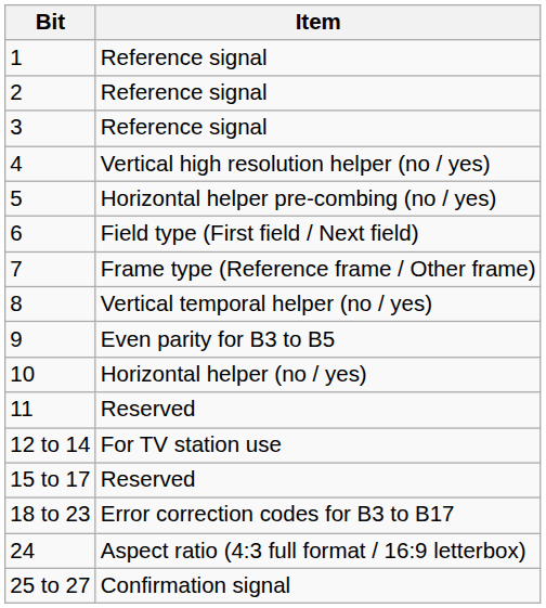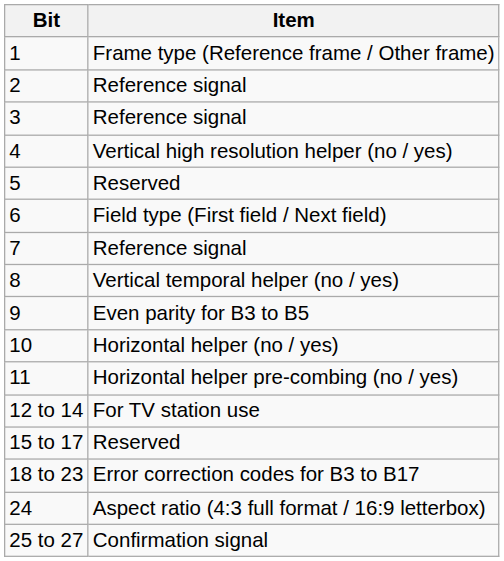 <table class="wikitable">
 <tr>
 <th>Bit</th>
 <th>Item</th>
 </tr>
 <tr>
 <td>1</td>
-<td>Reference signal</td>
+<td>Frame type (Reference frame / Other frame)</td>
 </tr>
 <tr>
 <td>2</td>
 <td>Reference signal</td>
 </tr>
 <tr>
 <td>3</td>
 <td>Reference signal</td>
 </tr>
 <tr>
 <td>4</td>
 <td>Vertical high resolution helper (no / yes)</td>
 </tr>
 <tr>
 <td>5</td>
-<td>Horizontal helper pre-combing (no / yes)</td>
+<td>Reserved</td>
 </tr>
 <tr>
 <td>6</td>
 <td>Field type (First field / Next field)</td>
 </tr>
 <tr>
 <td>7</td>
-<td>Frame type (Reference frame / Other frame)</td>
+<td>Reference signal</td>
 </tr>
 <tr>
 <td>8</td>
 <td>Vertical temporal helper (no / yes)</td>
 </tr>
 <tr>
 <td>9</td>
 <td>Even parity for B3 to B5</td>
 </tr>
 <tr>
 <td>10</td>
 <td>Horizontal helper (no / yes)</td>
 </tr>
 <tr>
 <td>11</td>
-<td>Reserved</td>
+<td>Horizontal helper pre-combing (no / yes)</td>
 </tr>
 <tr>
 <td>12 to 14</td>
 <td>For TV station use</td>
 </tr>
 <tr>
 <td>15 to 17</td>
 <td>Reserved</td>
 </tr>
 <tr>
 <td>18 to 23</td>
 <td>Error correction codes for B3 to B17</td>
 </tr>
 <tr>
 <td>24</td>
 <td>Aspect ratio (4:3 full format / 16:9 letterbox)</td>
 </tr>
 <tr>
 <td>25 to 27</td>
 <td>Confirmation signal</td>
 </tr>
 </table>
